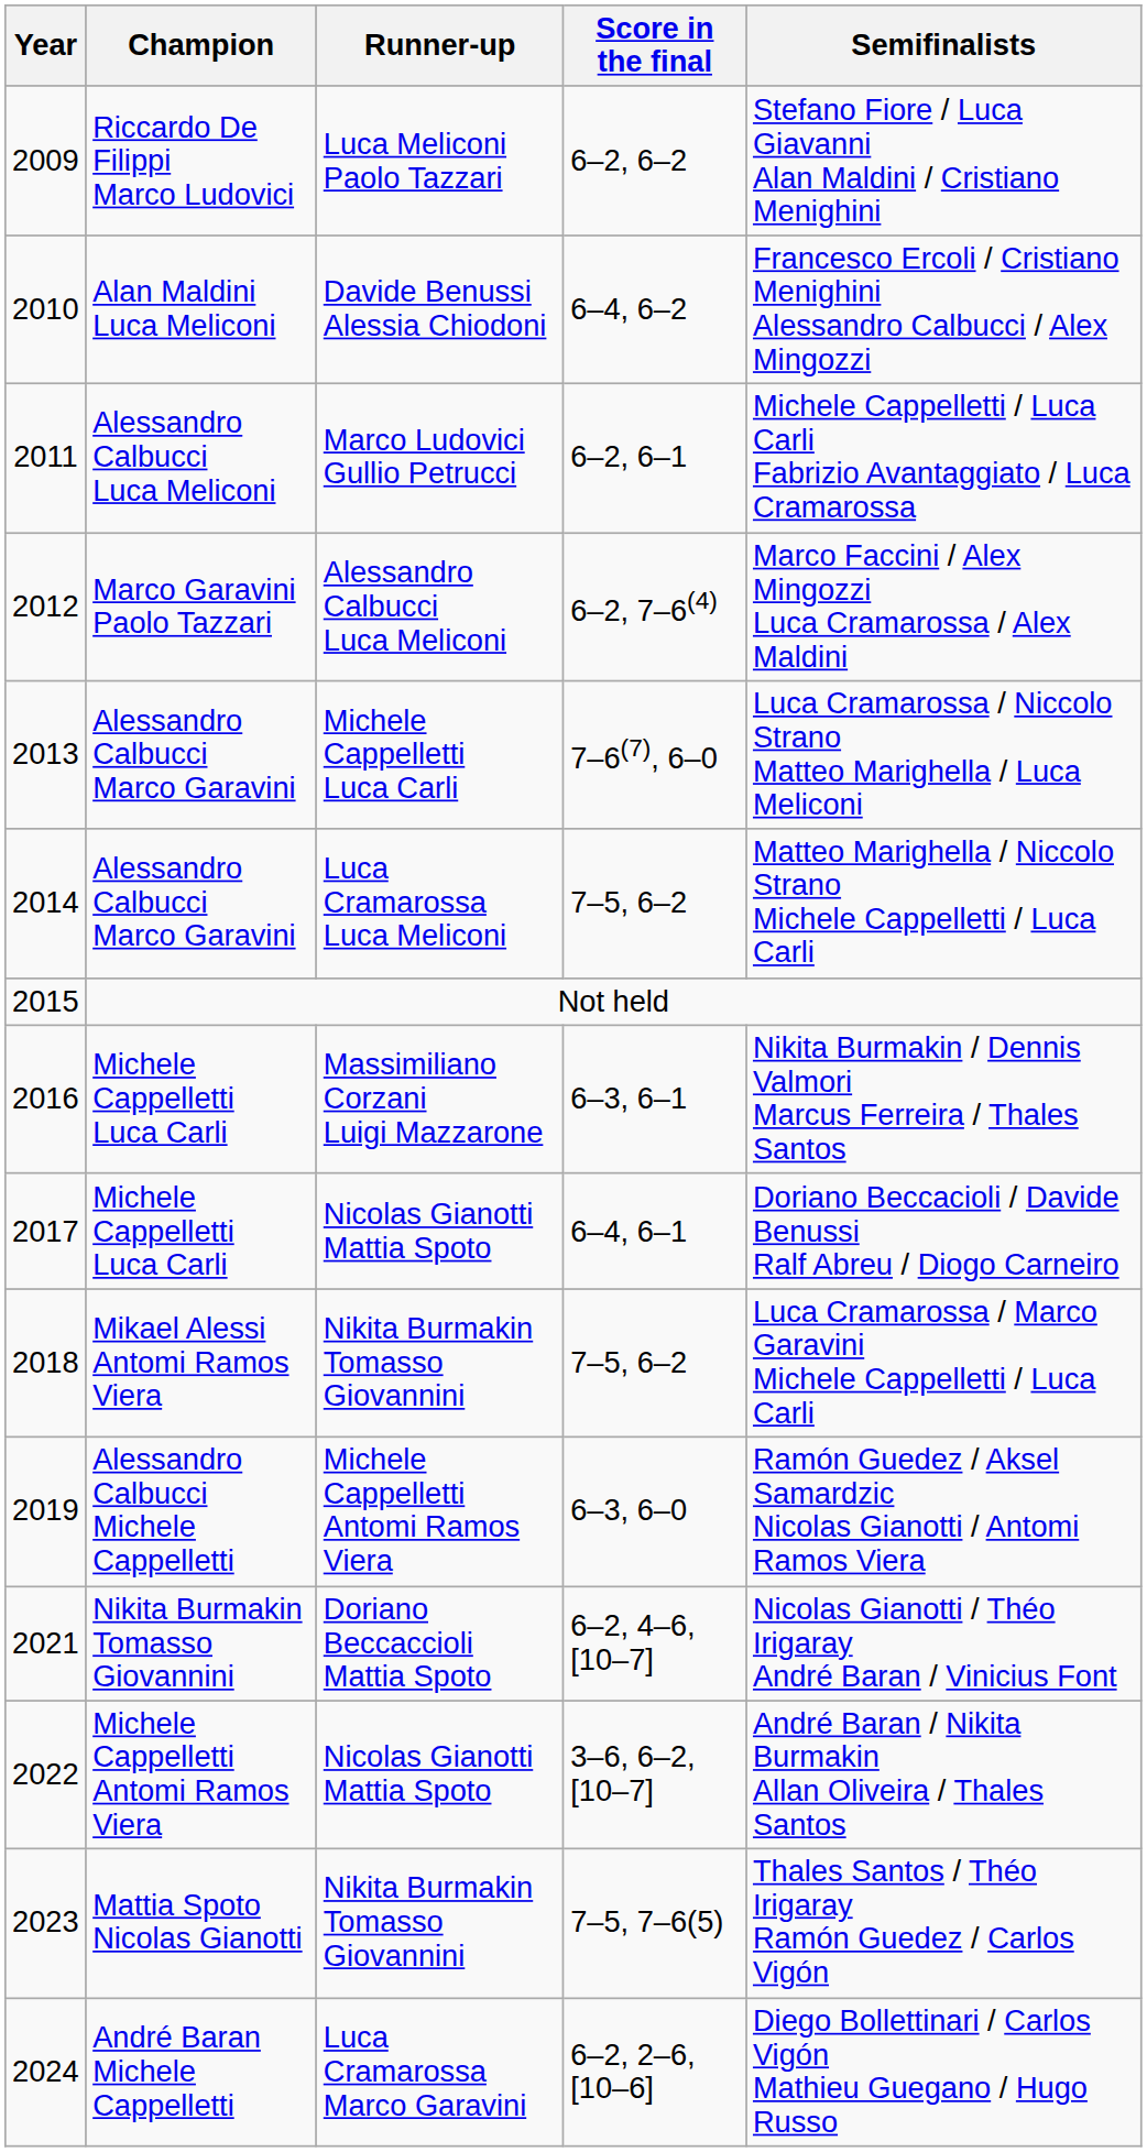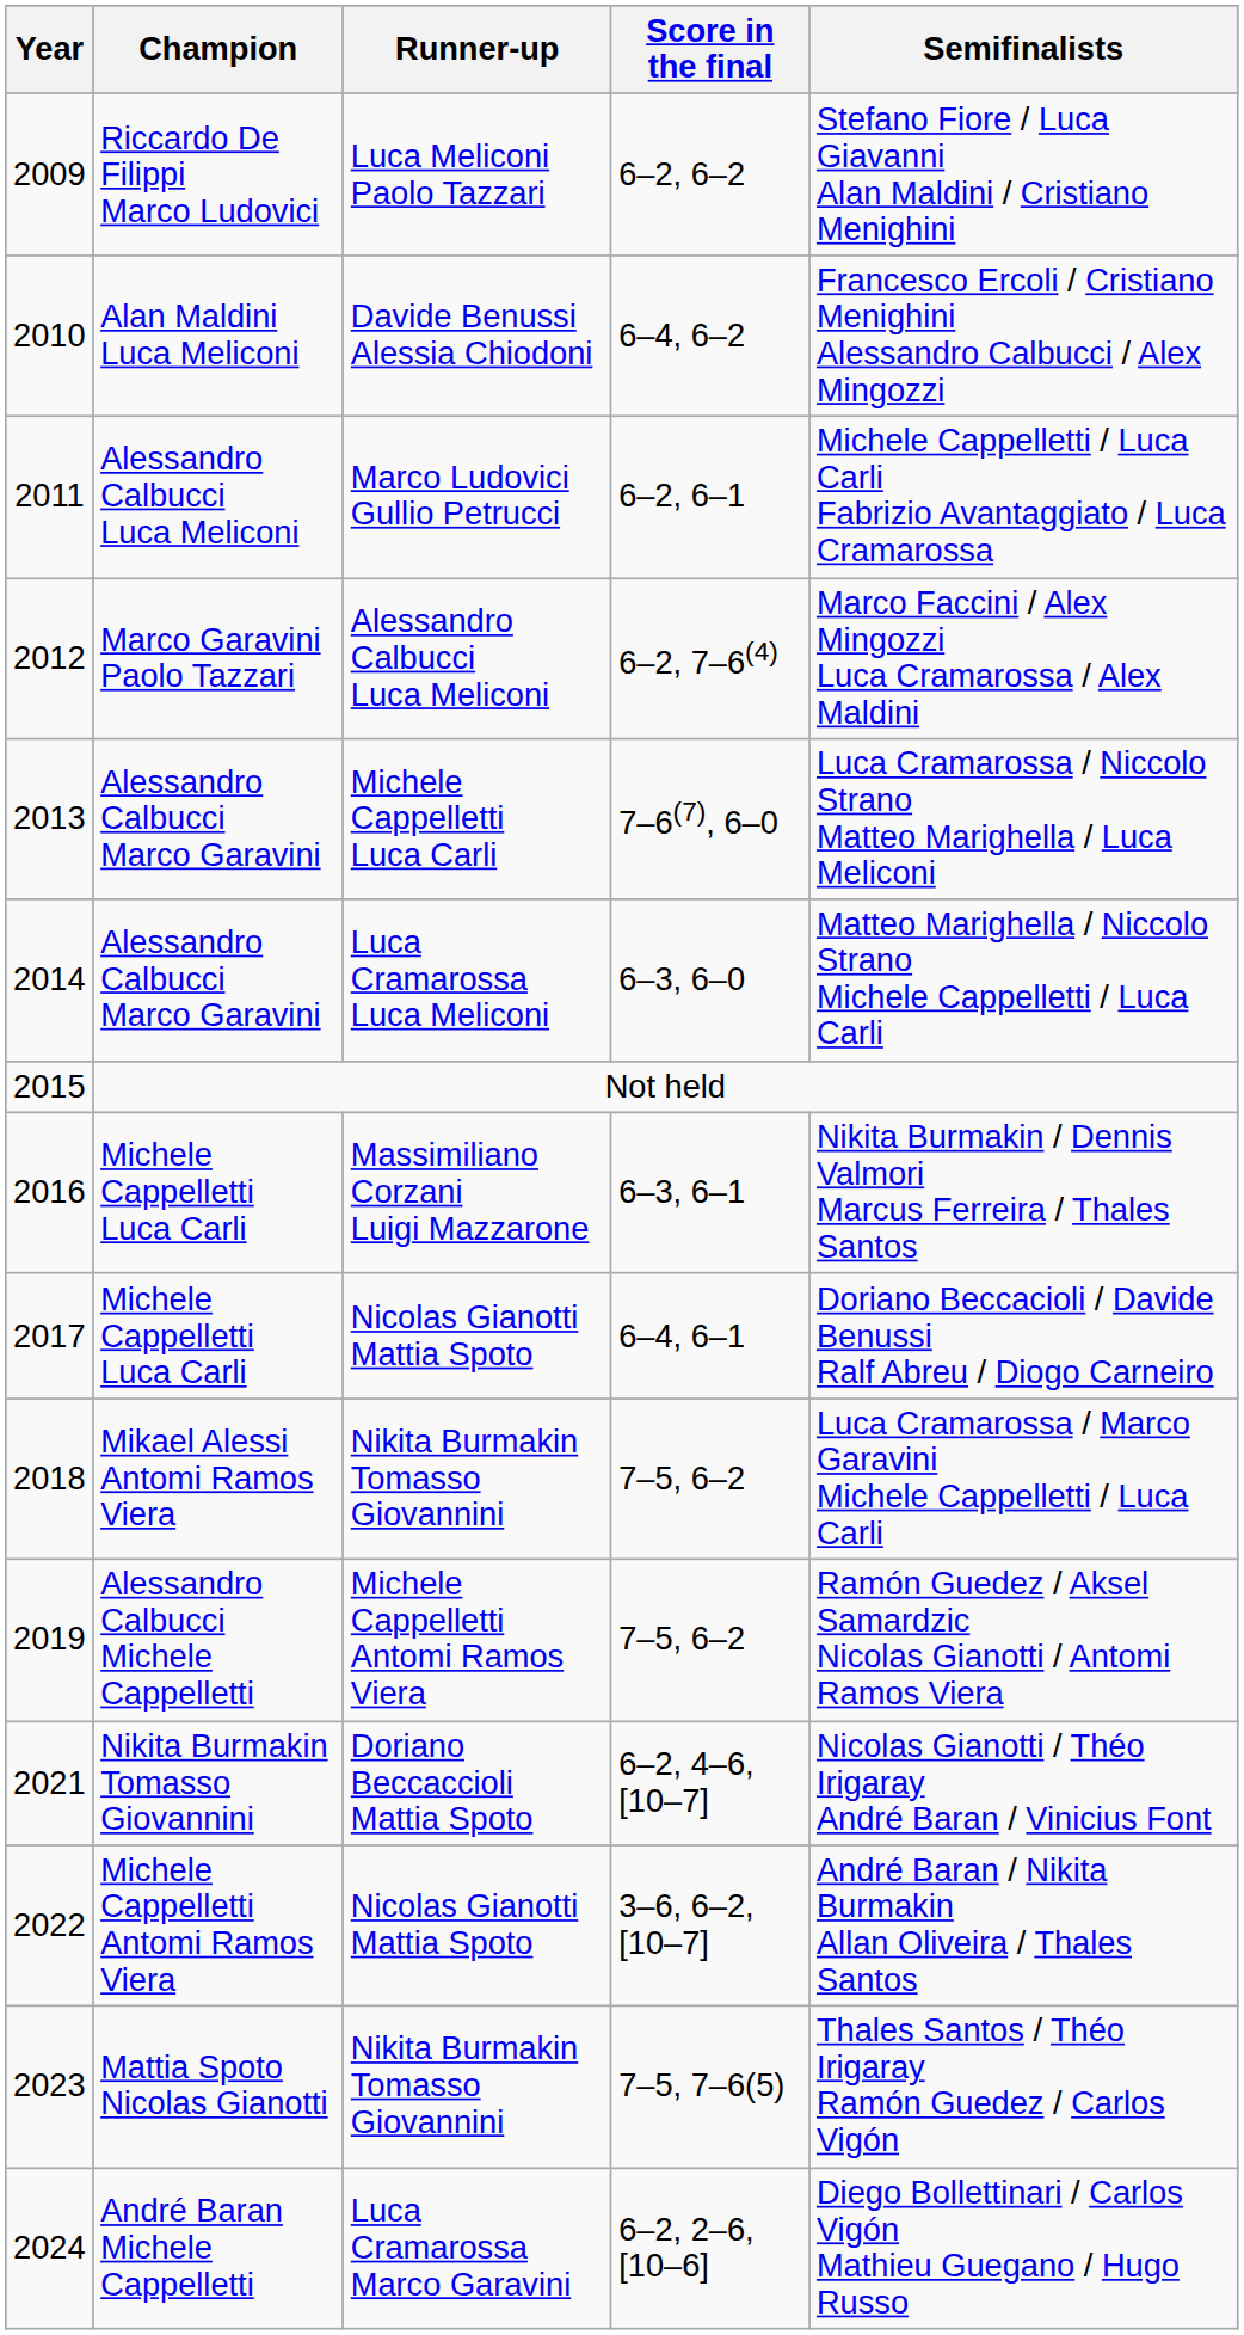 <table class="sortable wikitable">
 <tr>
 <th>Year</th>
 <th>Champion</th>
 <th>Runner-up</th>
 <th class="unsortable"><a href='#'>Score in the final</a></th>
 <th>Semifinalists</th>
 </tr>
 <tr>
 <td style="text-align: center;">2009</td>
 <td> <a href='#'>Riccardo De Filippi</a> <br>  <a href='#'>Marco Ludovici</a></td>
 <td> <a href='#'>Luca Meliconi</a> <br>  <a href='#'>Paolo Tazzari</a></td>
 <td>6–2, 6–2</td>
 <td> <a href='#'>Stefano Fiore</a> /  <a href='#'>Luca Giavanni</a> <br>  <a href='#'>Alan Maldini</a> /  <a href='#'>Cristiano Menighini</a></td>
 </tr>
 <tr>
 <td style="text-align: center;">2010</td>
 <td> <a href='#'>Alan Maldini</a> <br>  <a href='#'>Luca Meliconi</a></td>
 <td> <a href='#'>Davide Benussi</a> <br>  <a href='#'>Alessia Chiodoni</a></td>
 <td>6–4, 6–2</td>
 <td> <a href='#'>Francesco Ercoli</a> /  <a href='#'>Cristiano Menighini</a> <br>  <a href='#'>Alessandro Calbucci</a> /  <a href='#'>Alex Mingozzi</a></td>
 </tr>
 <tr>
 <td style="text-align: center;">2011</td>
 <td> <a href='#'>Alessandro Calbucci</a> <br>  <a href='#'>Luca Meliconi</a></td>
 <td> <a href='#'>Marco Ludovici</a> <br>  <a href='#'>Gullio Petrucci</a></td>
 <td>6–2, 6–1</td>
 <td> <a href='#'>Michele Cappelletti</a> /  <a href='#'>Luca Carli</a> <br>  <a href='#'>Fabrizio Avantaggiato</a> /  <a href='#'>Luca Cramarossa</a></td>
 </tr>
 <tr>
 <td style="text-align: center;">2012</td>
 <td> <a href='#'>Marco Garavini</a> <br>  <a href='#'>Paolo Tazzari</a></td>
 <td> <a href='#'>Alessandro Calbucci</a> <br>  <a href='#'>Luca Meliconi</a></td>
 <td>6–2, 7–6<sup>(4)</sup></td>
 <td> <a href='#'>Marco Faccini</a> /  <a href='#'>Alex Mingozzi</a> <br>  <a href='#'>Luca Cramarossa</a> /  <a href='#'>Alex Maldini</a></td>
 </tr>
 <tr>
 <td style="text-align: center;">2013</td>
 <td> <a href='#'>Alessandro Calbucci</a> <br>  <a href='#'>Marco Garavini</a></td>
 <td> <a href='#'>Michele Cappelletti</a> <br>  <a href='#'>Luca Carli</a></td>
 <td>7–6<sup>(7)</sup>, 6–0</td>
 <td> <a href='#'>Luca Cramarossa</a> /  <a href='#'>Niccolo Strano</a> <br>  <a href='#'>Matteo Marighella</a> /  <a href='#'>Luca Meliconi</a></td>
 </tr>
 <tr>
 <td style="text-align: center;">2014</td>
 <td> <a href='#'>Alessandro Calbucci</a> <br>  <a href='#'>Marco Garavini</a></td>
 <td> <a href='#'>Luca Cramarossa</a> <br>  <a href='#'>Luca Meliconi</a></td>
-<td>7–5, 6–2</td>
+<td>6–3, 6–0</td>
 <td> <a href='#'>Matteo Marighella</a> /  <a href='#'>Niccolo Strano</a> <br>  <a href='#'>Michele Cappelletti</a> /  <a href='#'>Luca Carli</a></td>
 </tr>
 <tr>
 <td style="text-align: center;">2015</td>
 <td colspan="4" style="text-align: center;">Not held</td>
 </tr>
 <tr>
 <td style="text-align: center;">2016</td>
 <td> <a href='#'>Michele Cappelletti</a> <br>  <a href='#'>Luca Carli</a></td>
 <td> <a href='#'>Massimiliano Corzani</a> <br>  <a href='#'>Luigi Mazzarone</a></td>
 <td>6–3, 6–1</td>
 <td> <a href='#'>Nikita Burmakin</a> /  <a href='#'>Dennis Valmori</a> <br>  <a href='#'>Marcus Ferreira</a> /  <a href='#'>Thales Santos</a></td>
 </tr>
 <tr>
 <td style="text-align: center;">2017</td>
 <td> <a href='#'>Michele Cappelletti</a> <br>  <a href='#'>Luca Carli</a></td>
 <td> <a href='#'>Nicolas Gianotti</a> <br>  <a href='#'>Mattia Spoto</a></td>
 <td>6–4, 6–1</td>
 <td> <a href='#'>Doriano Beccacioli</a> /  <a href='#'>Davide Benussi</a> <br>  <a href='#'>Ralf Abreu</a> /  <a href='#'>Diogo Carneiro</a></td>
 </tr>
 <tr>
 <td style="text-align: center;">2018</td>
 <td> <a href='#'>Mikael Alessi</a> <br>  <a href='#'>Antomi Ramos Viera</a></td>
 <td> <a href='#'>Nikita Burmakin</a> <br>  <a href='#'>Tomasso Giovannini</a></td>
 <td>7–5, 6–2</td>
 <td> <a href='#'>Luca Cramarossa</a> /  <a href='#'>Marco Garavini</a> <br>  <a href='#'>Michele Cappelletti</a> /  <a href='#'>Luca Carli</a></td>
 </tr>
 <tr>
 <td style="text-align: center;">2019</td>
 <td> <a href='#'>Alessandro Calbucci</a> <br>  <a href='#'>Michele Cappelletti</a></td>
 <td> <a href='#'>Michele Cappelletti</a> <br>  <a href='#'>Antomi Ramos Viera</a></td>
-<td>6–3, 6–0</td>
+<td>7–5, 6–2</td>
 <td> <a href='#'>Ramón Guedez</a> /  <a href='#'>Aksel Samardzic</a> <br>  <a href='#'>Nicolas Gianotti</a> /  <a href='#'>Antomi Ramos Viera</a></td>
 </tr>
 <tr>
 <td style="text-align: center;">2021</td>
 <td> <a href='#'>Nikita Burmakin</a> <br>  <a href='#'>Tomasso Giovannini</a></td>
 <td> <a href='#'>Doriano Beccaccioli</a> <br>  <a href='#'>Mattia Spoto</a></td>
 <td>6–2, 4–6, [10–7]</td>
 <td> <a href='#'>Nicolas Gianotti</a> /  <a href='#'>Théo Irigaray</a> <br>  <a href='#'>André Baran</a> /  <a href='#'>Vinicius Font</a></td>
 </tr>
 <tr>
 <td style="text-align: center;">2022</td>
 <td> <a href='#'>Michele Cappelletti</a> <br>  <a href='#'>Antomi Ramos Viera</a></td>
 <td> <a href='#'>Nicolas Gianotti</a> <br>  <a href='#'>Mattia Spoto</a></td>
 <td>3–6, 6–2, [10–7]</td>
 <td> <a href='#'>André Baran</a> /  <a href='#'>Nikita Burmakin</a> <br>  <a href='#'>Allan Oliveira</a> /  <a href='#'>Thales Santos</a></td>
 </tr>
 <tr>
 <td style="text-align: center;">2023</td>
 <td> <a href='#'>Mattia Spoto</a> <br>  <a href='#'>Nicolas Gianotti</a></td>
 <td> <a href='#'>Nikita Burmakin</a> <br>  <a href='#'>Tomasso Giovannini</a></td>
 <td>7–5, 7–6(5)</td>
 <td> <a href='#'>Thales Santos</a> /  <a href='#'>Théo Irigaray</a> <br>  <a href='#'>Ramón Guedez</a> /  <a href='#'>Carlos Vigón</a></td>
 </tr>
 <tr>
 <td style="text-align: center;">2024</td>
 <td> <a href='#'>André Baran</a> <br>  <a href='#'>Michele Cappelletti</a></td>
 <td> <a href='#'>Luca Cramarossa</a> <br>  <a href='#'>Marco Garavini</a></td>
 <td>6–2, 2–6, [10–6]</td>
 <td> <a href='#'>Diego Bollettinari</a> /  <a href='#'>Carlos Vigón</a> <br>  <a href='#'>Mathieu Guegano</a> /  <a href='#'>Hugo Russo</a></td>
 </tr>
 </table>
